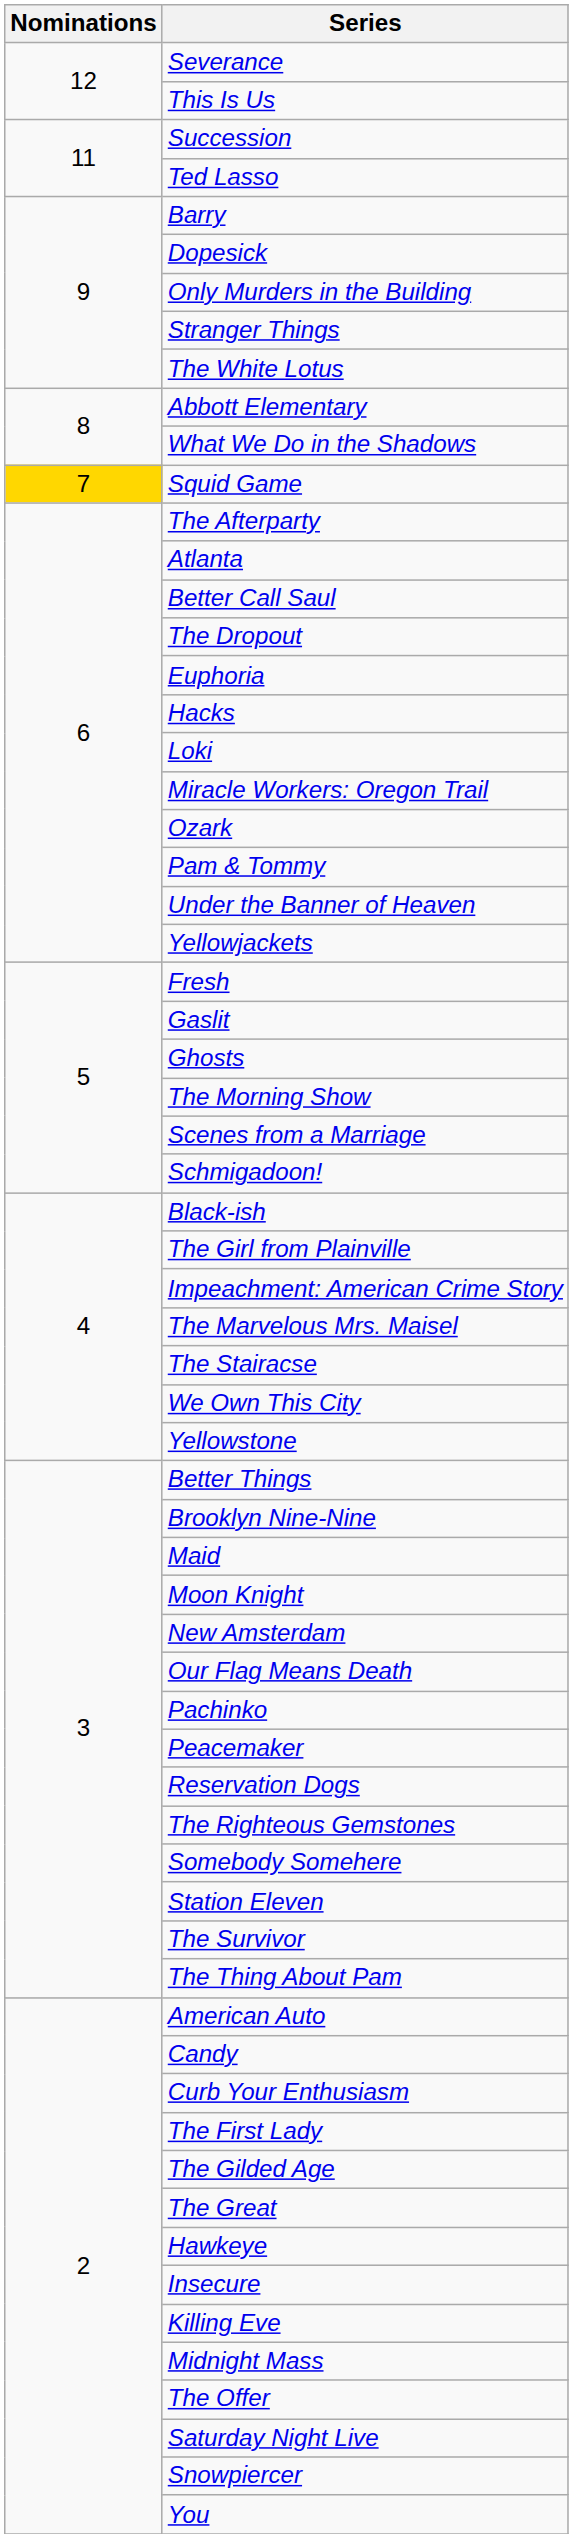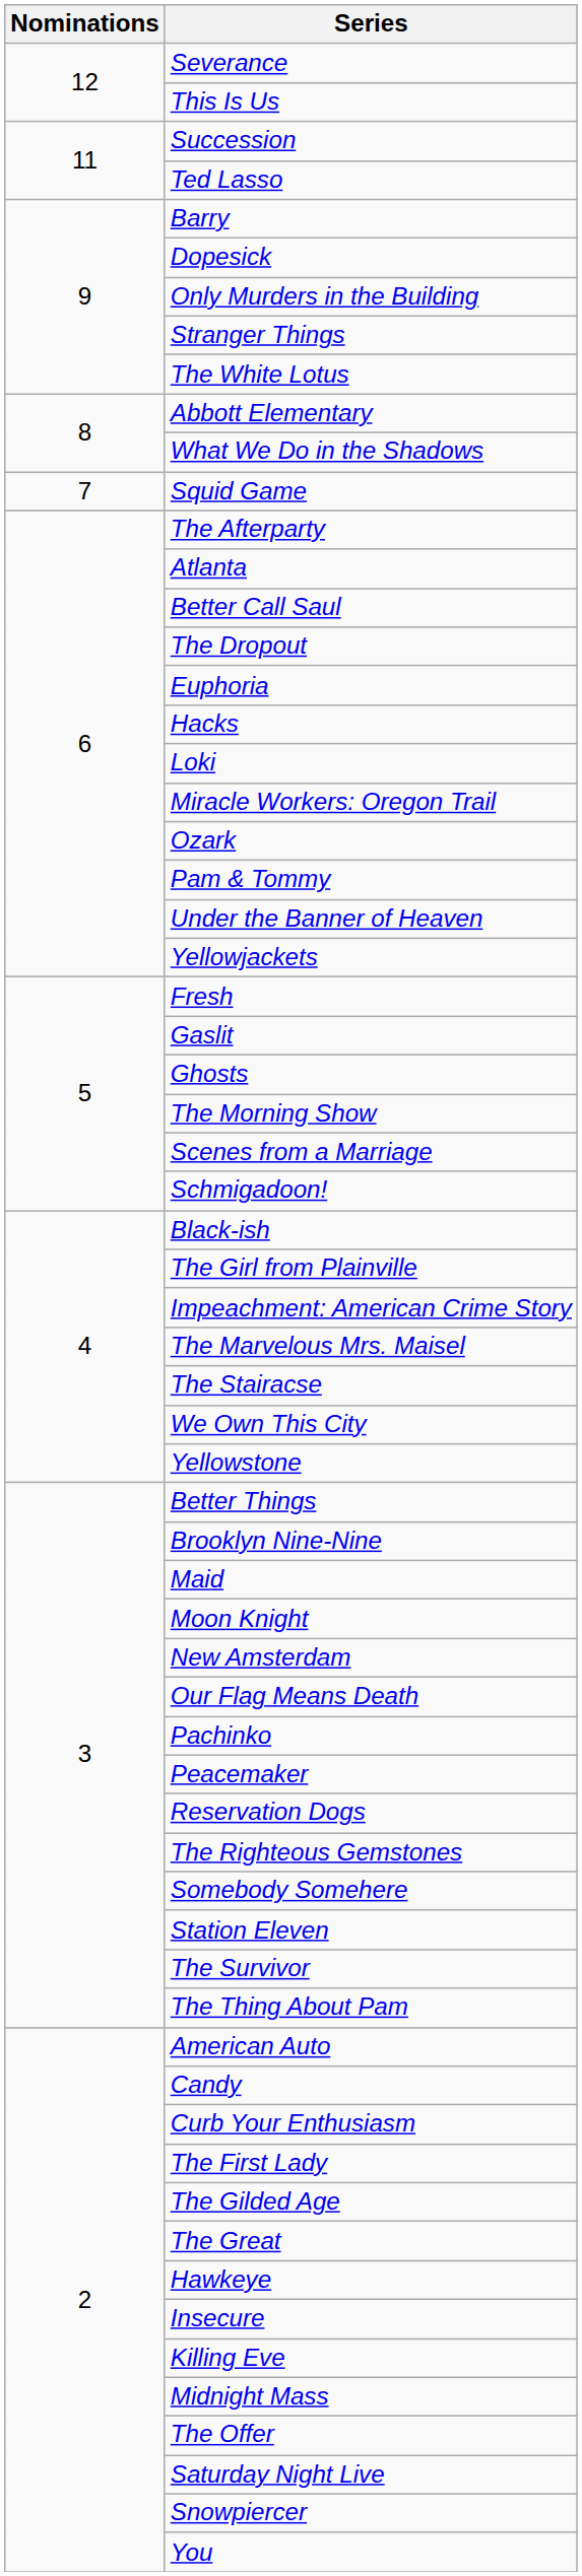 <table class="wikitable">
 <tr>
 <th scope="col" style="width:55px;">Nominations</th>
 <th scope="col" style="text-align:center;">Series</th>
 </tr>
 <tr>
 <td rowspan="2" style="text-align:center">12</td>
 <td><em><a href='#'>Severance</a></em></td>
 </tr>
 <tr>
 <td><em><a href='#'>This Is Us</a></em></td>
 </tr>
 <tr>
 <td rowspan="2" style="text-align:center">11</td>
 <td><em><a href='#'>Succession</a></em></td>
 </tr>
 <tr>
 <td><em><a href='#'>Ted Lasso</a></em></td>
 </tr>
 <tr>
 <td rowspan="5" style="text-align:center">9</td>
 <td><em><a href='#'>Barry</a></em></td>
 </tr>
 <tr>
 <td><em><a href='#'>Dopesick</a></em></td>
 </tr>
 <tr>
 <td><em><a href='#'>Only Murders in the Building</a></em></td>
 </tr>
 <tr>
 <td><em><a href='#'>Stranger Things</a></em></td>
 </tr>
 <tr>
 <td><em><a href='#'>The White Lotus</a></em></td>
 </tr>
 <tr>
 <td rowspan="2" style="text-align:center">8</td>
 <td><em><a href='#'>Abbott Elementary</a></em></td>
 </tr>
 <tr>
 <td><em><a href='#'>What We Do in the Shadows</a></em></td>
 </tr>
 <tr>
-<td rowspan="1" style="background: gold; text-align:center">7</td>
+<td rowspan="1" style="text-align:center">7</td>
 <td><em><a href='#'>Squid Game</a></em></td>
 </tr>
 <tr>
 <td rowspan="12" style="text-align:center">6</td>
 <td><em><a href='#'>The Afterparty</a></em></td>
 </tr>
 <tr>
 <td><em><a href='#'>Atlanta</a></em></td>
 </tr>
 <tr>
 <td><em><a href='#'>Better Call Saul</a></em></td>
 </tr>
 <tr>
 <td><em><a href='#'>The Dropout</a></em></td>
 </tr>
 <tr>
 <td><em><a href='#'>Euphoria</a></em></td>
 </tr>
 <tr>
 <td><em><a href='#'>Hacks</a></em></td>
 </tr>
 <tr>
 <td><em><a href='#'>Loki</a></em></td>
 </tr>
 <tr>
 <td><em><a href='#'>Miracle Workers: Oregon Trail</a></em></td>
 </tr>
 <tr>
 <td><em><a href='#'>Ozark</a></em></td>
 </tr>
 <tr>
 <td><em><a href='#'>Pam & Tommy</a></em></td>
 </tr>
 <tr>
 <td><em><a href='#'>Under the Banner of Heaven</a></em></td>
 </tr>
 <tr>
 <td><em><a href='#'>Yellowjackets</a></em></td>
 </tr>
 <tr>
 <td rowspan="6" style="text-align:center">5</td>
 <td><em><a href='#'>Fresh</a></em></td>
 </tr>
 <tr>
 <td><em><a href='#'>Gaslit</a></em></td>
 </tr>
 <tr>
 <td><em><a href='#'>Ghosts</a></em></td>
 </tr>
 <tr>
 <td><em><a href='#'>The Morning Show</a></em></td>
 </tr>
 <tr>
 <td><em><a href='#'>Scenes from a Marriage</a></em></td>
 </tr>
 <tr>
 <td><em><a href='#'>Schmigadoon!</a></em></td>
 </tr>
 <tr>
 <td rowspan="7" style="text-align:center">4</td>
 <td><em><a href='#'>Black-ish</a></em></td>
 </tr>
 <tr>
 <td><em><a href='#'>The Girl from Plainville</a></em></td>
 </tr>
 <tr>
 <td><em><a href='#'>Impeachment: American Crime Story</a></em></td>
 </tr>
 <tr>
 <td><em><a href='#'>The Marvelous Mrs. Maisel</a></em></td>
 </tr>
 <tr>
 <td><em><a href='#'>The Stairacse</a></em></td>
 </tr>
 <tr>
 <td><em><a href='#'>We Own This City</a></em></td>
 </tr>
 <tr>
 <td><em><a href='#'>Yellowstone</a></em></td>
 </tr>
 <tr>
 <td rowspan="14" style="text-align:center">3</td>
 <td><em><a href='#'>Better Things</a></em></td>
 </tr>
 <tr>
 <td><em><a href='#'>Brooklyn Nine-Nine</a></em></td>
 </tr>
 <tr>
 <td><em><a href='#'>Maid</a></em></td>
 </tr>
 <tr>
 <td><em><a href='#'>Moon Knight</a></em></td>
 </tr>
 <tr>
 <td><em><a href='#'>New Amsterdam</a></em></td>
 </tr>
 <tr>
 <td><em><a href='#'>Our Flag Means Death</a></em></td>
 </tr>
 <tr>
 <td><em><a href='#'>Pachinko</a></em></td>
 </tr>
 <tr>
 <td><em><a href='#'>Peacemaker</a></em></td>
 </tr>
 <tr>
 <td><em><a href='#'>Reservation Dogs</a></em></td>
 </tr>
 <tr>
 <td><em><a href='#'>The Righteous Gemstones</a></em></td>
 </tr>
 <tr>
 <td><em><a href='#'>Somebody Somehere</a></em></td>
 </tr>
 <tr>
 <td><em><a href='#'>Station Eleven</a></em></td>
 </tr>
 <tr>
 <td><em><a href='#'>The Survivor</a></em></td>
 </tr>
 <tr>
 <td><em><a href='#'>The Thing About Pam</a></em></td>
 </tr>
 <tr>
 <td rowspan="14" style="text-align:center">2</td>
 <td><em><a href='#'>American Auto</a></em></td>
 </tr>
 <tr>
 <td><em><a href='#'>Candy</a></em></td>
 </tr>
 <tr>
 <td><em><a href='#'>Curb Your Enthusiasm</a></em></td>
 </tr>
 <tr>
 <td><em><a href='#'>The First Lady</a></em></td>
 </tr>
 <tr>
 <td><em><a href='#'>The Gilded Age</a></em></td>
 </tr>
 <tr>
 <td><em><a href='#'>The Great</a></em></td>
 </tr>
 <tr>
 <td><em><a href='#'>Hawkeye</a></em></td>
 </tr>
 <tr>
 <td><em><a href='#'>Insecure</a></em></td>
 </tr>
 <tr>
 <td><em><a href='#'>Killing Eve</a></em></td>
 </tr>
 <tr>
 <td><em><a href='#'>Midnight Mass</a></em></td>
 </tr>
 <tr>
 <td><em><a href='#'>The Offer</a></em></td>
 </tr>
 <tr>
 <td><em><a href='#'>Saturday Night Live</a></em></td>
 </tr>
 <tr>
 <td><em><a href='#'>Snowpiercer</a></em></td>
 </tr>
 <tr>
 <td><em><a href='#'>You</a></em></td>
 </tr>
 </table>
